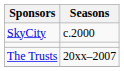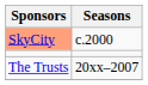 <table class="wikitable collapsible">
 <tr>
 <th>Sponsors</th>
 <th>Seasons</th>
 </tr>
 <tr>
-<td><a href='#'>SkyCity</a></td>
+<td style="background: lightsalmon;"><a href='#'>SkyCity</a></td>
 <td>c.2000</td>
 </tr>
 <tr>
 <td></td>
 </tr>
 <tr>
 <td><a href='#'>The Trusts</a></td>
 <td>20xx–2007</td>
 </tr>
 <tr>
 </tr>
 </table>
